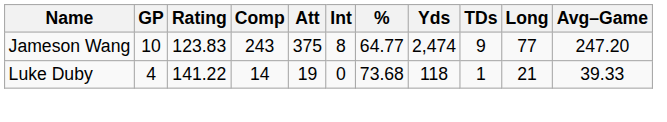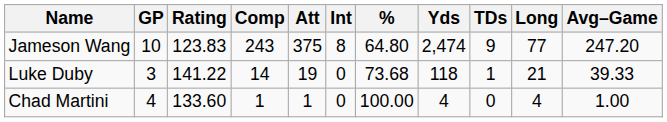 <table class="wikitable">
 <tr>
 <th>Name</th>
 <th>GP</th>
 <th>Rating</th>
 <th>Comp</th>
 <th>Att</th>
 <th>Int</th>
 <th>%</th>
 <th>Yds</th>
 <th>TDs</th>
 <th>Long</th>
 <th>Avg–Game</th>
 </tr>
 <tr>
 <td>Jameson Wang</td>
 <td align=center>10</td>
 <td align=center>123.83</td>
 <td align=center>243</td>
 <td align=center>375</td>
 <td align=center>8</td>
-<td align=center>64.77</td>
+<td align=center>64.80</td>
 <td align=center>2,474</td>
 <td align=center>9</td>
 <td align=center>77</td>
 <td align=center>247.20</td>
 </tr>
 <tr>
 <td>Luke Duby</td>
-<td align=center>4</td>
+<td align=center>3</td>
 <td align=center>141.22</td>
 <td align=center>14</td>
 <td align=center>19</td>
 <td align=center>0</td>
 <td align=center>73.68</td>
 <td align=center>118</td>
 <td align=center>1</td>
 <td align=center>21</td>
 <td align=center>39.33</td>
 </tr>
+<tr>
+<td>Chad Martini</td>
+<td align=center>4</td>
+<td align=center>133.60</td>
+<td align=center>1</td>
+<td align=center>1</td>
+<td align=center>0</td>
+<td align=center>100.00</td>
+<td align=center>4</td>
+<td align=center>0</td>
+<td align=center>4</td>
+<td align=center>1.00</td>
+</tr>
 </table>
